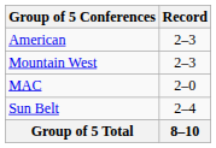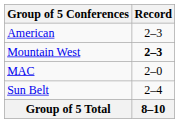 <table class="wikitable">
 <tr>
 <th>Group of 5 Conferences</th>
 <th>Record</th>
 </tr>
 <tr>
 <td><a href='#'>American</a></td>
 <td align=center>2–3</td>
 </tr>
 <tr>
 <td><a href='#'>Mountain West</a></td>
-<td align=center>2–3</td>
+<td align=center><strong>2–3</strong></td>
 </tr>
 <tr>
 <td><a href='#'>MAC</a></td>
 <td align=center>2–0</td>
 </tr>
 <tr>
 <td><a href='#'>Sun Belt</a></td>
 <td align=center>2–4</td>
 </tr>
 <tr>
 <th>Group of 5 Total</th>
 <th>8–10</th>
 </tr>
 </table>
